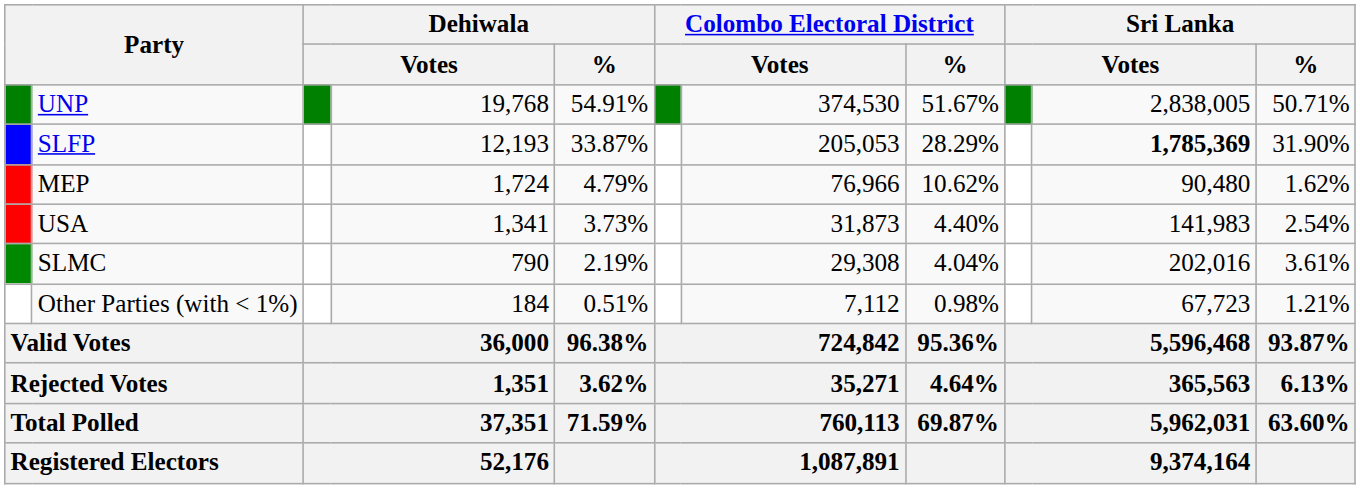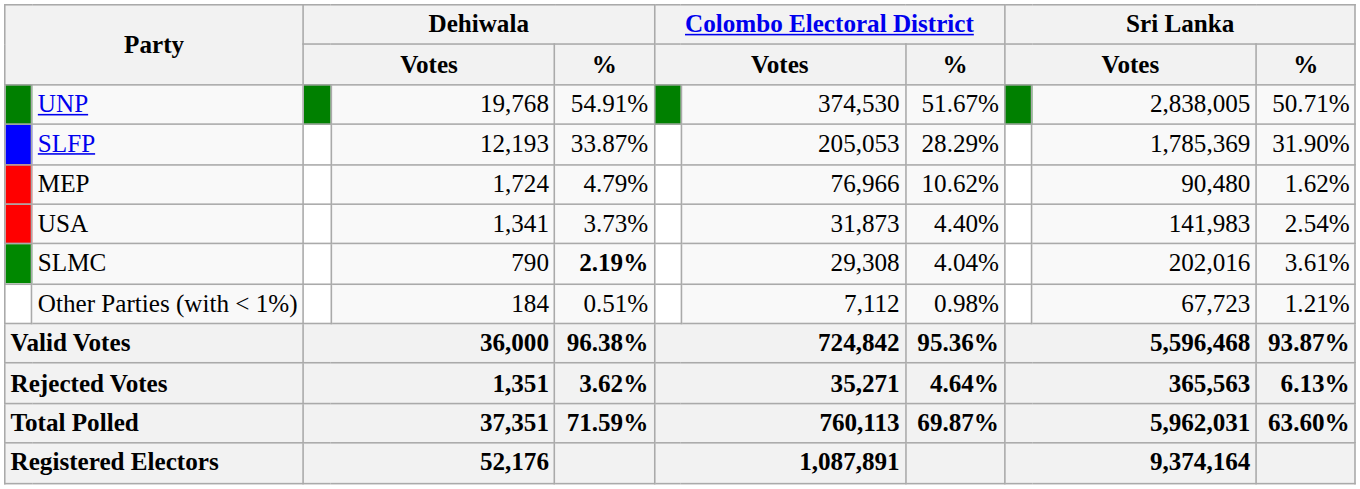 <table class="wikitable">
 <tr>
 <th colspan="2" width="144px"rowspan="2">Party</th>
 <th colspan="3" width="216px">Dehiwala</th>
 <th colspan="3" width="216px"><a href='#'>Colombo Electoral District</a></th>
 <th colspan="3" width="216px">Sri Lanka</th>
 </tr>
 <tr>
 <th colspan="2" width="144px">Votes</th>
 <th>%</th>
 <th colspan="2" width="144px">Votes</th>
 <th>%</th>
 <th colspan="2" width="144px">Votes</th>
 <th>%</th>
 </tr>
 <tr>
 <td style="background-color:green;" width="10px"></td>
 <td style="text-align:left;"><a href='#'>UNP</a></td>
 <td style="background-color:green;" width="10px"></td>
 <td style="text-align:right;">19,768</td>
 <td style="text-align:right;">54.91%</td>
 <td style="background-color:green;" width="10px"></td>
 <td style="text-align:right;">374,530</td>
 <td style="text-align:right;">51.67%</td>
 <td style="background-color:green;" width="10px"></td>
 <td style="text-align:right;">2,838,005</td>
 <td style="text-align:right;">50.71%</td>
 </tr>
 <tr>
 <td style="background-color:blue;" width="10px"></td>
 <td style="text-align:left;"><a href='#'>SLFP</a></td>
 <td style="background-color:white;" width="10px"></td>
 <td style="text-align:right;">12,193</td>
 <td style="text-align:right;">33.87%</td>
 <td style="background-color:white;" width="10px"></td>
 <td style="text-align:right;">205,053</td>
 <td style="text-align:right;">28.29%</td>
 <td style="background-color:white;" width="10px"></td>
-<td style="text-align:right;"><strong>1,785,369</strong></td>
+<td style="text-align:right;">1,785,369</td>
 <td style="text-align:right;">31.90%</td>
 </tr>
 <tr>
 <td style="background-color:red;" width="10px"></td>
 <td style="text-align:left;">MEP</td>
 <td style="background-color:white;" width="10px"></td>
 <td style="text-align:right;">1,724</td>
 <td style="text-align:right;">4.79%</td>
 <td style="background-color:white;" width="10px"></td>
 <td style="text-align:right;">76,966</td>
 <td style="text-align:right;">10.62%</td>
 <td style="background-color:white;" width="10px"></td>
 <td style="text-align:right;">90,480</td>
 <td style="text-align:right;">1.62%</td>
 </tr>
 <tr>
 <td style="background-color:red;" width="10px"></td>
 <td style="text-align:left;">USA</td>
 <td style="background-color:white;" width="10px"></td>
 <td style="text-align:right;">1,341</td>
 <td style="text-align:right;">3.73%</td>
 <td style="background-color:white;" width="10px"></td>
 <td style="text-align:right;">31,873</td>
 <td style="text-align:right;">4.40%</td>
 <td style="background-color:white;" width="10px"></td>
 <td style="text-align:right;">141,983</td>
 <td style="text-align:right;">2.54%</td>
 </tr>
 <tr>
 <td style="background-color:#008800;" width="10px"></td>
 <td style="text-align:left;">SLMC</td>
 <td style="background-color:white;" width="10px"></td>
 <td style="text-align:right;">790</td>
-<td style="text-align:right;">2.19%</td>
+<td style="text-align:right;"><strong>2.19%</strong></td>
 <td style="background-color:white;" width="10px"></td>
 <td style="text-align:right;">29,308</td>
 <td style="text-align:right;">4.04%</td>
 <td style="background-color:white;" width="10px"></td>
 <td style="text-align:right;">202,016</td>
 <td style="text-align:right;">3.61%</td>
 </tr>
 <tr>
 <td style="background-color:white;" width="10px"></td>
 <td style="text-align:left;">Other Parties (with < 1%)</td>
 <td style="background-color:white;" width="10px"></td>
 <td style="text-align:right;">184</td>
 <td style="text-align:right;">0.51%</td>
 <td style="background-color:white;" width="10px"></td>
 <td style="text-align:right;">7,112</td>
 <td style="text-align:right;">0.98%</td>
 <td style="background-color:white;" width="10px"></td>
 <td style="text-align:right;">67,723</td>
 <td style="text-align:right;">1.21%</td>
 </tr>
 <tr>
 <th colspan="2" width="144px"style="text-align:left;">Valid Votes</th>
 <th style="text-align:right;"colspan="2" width="144px">36,000</th>
 <th style="text-align:right;">96.38%</th>
 <th style="text-align:right;"colspan="2" width="144px">724,842</th>
 <th style="text-align:right;">95.36%</th>
 <th style="text-align:right;"colspan="2" width="144px">5,596,468</th>
 <th style="text-align:right;">93.87%</th>
 </tr>
 <tr>
 <th colspan="2" width="144px"style="text-align:left;">Rejected Votes</th>
 <th style="text-align:right;"colspan="2" width="144px">1,351</th>
 <th style="text-align:right;">3.62%</th>
 <th style="text-align:right;"colspan="2" width="144px">35,271</th>
 <th style="text-align:right;">4.64%</th>
 <th style="text-align:right;"colspan="2" width="144px">365,563</th>
 <th style="text-align:right;">6.13%</th>
 </tr>
 <tr>
 <th colspan="2" width="144px"style="text-align:left;">Total Polled</th>
 <th style="text-align:right;"colspan="2" width="144px">37,351</th>
 <th style="text-align:right;">71.59%</th>
 <th style="text-align:right;"colspan="2" width="144px">760,113</th>
 <th style="text-align:right;">69.87%</th>
 <th style="text-align:right;"colspan="2" width="144px">5,962,031</th>
 <th style="text-align:right;">63.60%</th>
 </tr>
 <tr>
 <th colspan="2" width="144px"style="text-align:left;">Registered Electors</th>
 <th style="text-align:right;"colspan="2" width="144px">52,176</th>
 <th></th>
 <th style="text-align:right;"colspan="2" width="144px">1,087,891</th>
 <th></th>
 <th style="text-align:right;"colspan="2" width="144px">9,374,164</th>
 <th></th>
 </tr>
 </table>
